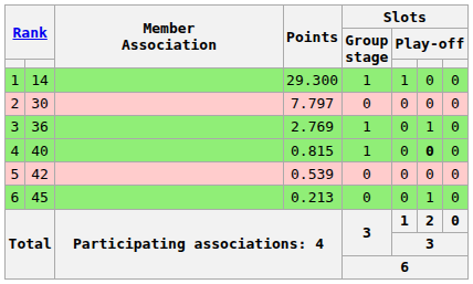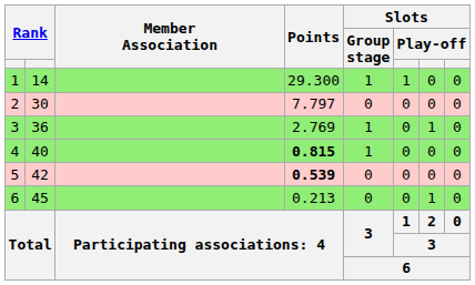 <table class="wikitable" style="text-align:center">
 <tr>
 </tr>
 <tr>
 <th colspan=2 rowspan=2><a href='#'>Rank</a></th>
 <th rowspan=3 width=200>Member<br>Association</th>
 <th rowspan=3>Points</th>
 <th colspan=4>Slots</th>
 </tr>
 <tr>
 <th rowspan=2>Group<br>stage</th>
 <th colspan=3>Play-off</th>
 </tr>
 <tr>
 <th></th>
 <th></th>
 <th></th>
 <th></th>
 <th></th>
 </tr>
 <tr bgcolor=#90ee77>
 <td>1</td>
 <td>14</td>
 <td align=left></td>
 <td>29.300</td>
 <td>1</td>
 <td>1</td>
 <td>0</td>
 <td>0</td>
 </tr>
 <tr bgcolor=#ffcccc>
 <td>2</td>
 <td>30</td>
 <td align=left></td>
 <td>7.797</td>
 <td>0</td>
 <td>0</td>
 <td>0</td>
 <td>0</td>
 </tr>
 <tr bgcolor=#90ee77>
 <td>3</td>
 <td>36</td>
 <td align=left></td>
 <td>2.769</td>
 <td>1</td>
 <td>0</td>
 <td>1</td>
 <td>0</td>
 </tr>
 <tr bgcolor=#90ee77>
 <td>4</td>
 <td>40</td>
 <td align=left></td>
-<td>0.815</td>
+<td><strong>0.815</strong></td>
 <td>1</td>
 <td>0</td>
-<td><strong>0</strong></td>
+<td>0</td>
 <td>0</td>
 </tr>
 <tr bgcolor=#ffcccc>
 <td>5</td>
 <td>42</td>
 <td align=left></td>
-<td>0.539</td>
+<td><strong>0.539</strong></td>
 <td>0</td>
 <td>0</td>
 <td>0</td>
 <td>0</td>
 </tr>
 <tr bgcolor=#90ee77>
 <td>6</td>
 <td>45</td>
 <td align=left></td>
 <td>0.213</td>
 <td>0</td>
 <td>0</td>
 <td>1</td>
 <td>0</td>
 </tr>
 <tr>
 <th colspan=2 rowspan=3>Total</th>
 <th colspan=2 rowspan=3>Participating associations: 4</th>
 <th rowspan=2>3</th>
 <th>1</th>
 <th>2</th>
 <th>0</th>
 </tr>
 <tr>
 <th colspan=3>3</th>
 </tr>
 <tr>
 <th colspan=4>6</th>
 </tr>
 </table>
